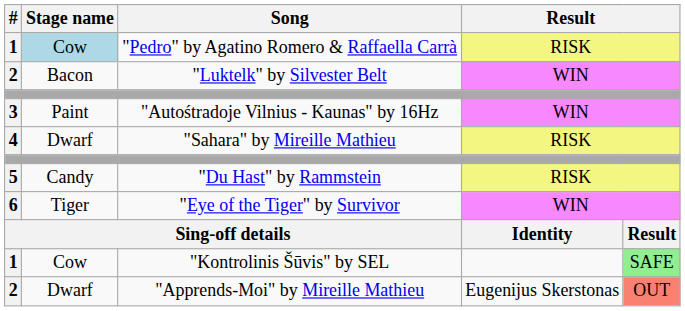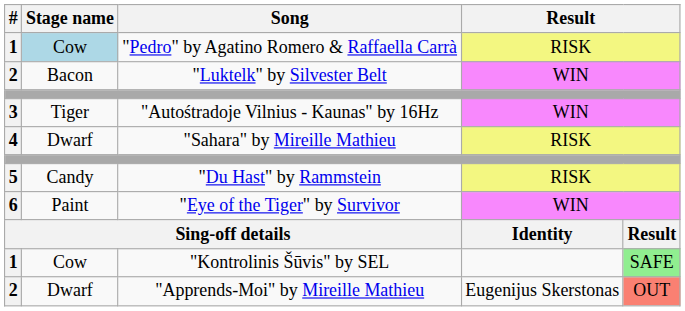 <table class="wikitable plainrowheaders" style="text-align: center">
 <tr>
 <th>#</th>
 <th>Stage name</th>
 <th>Song</th>
 <th colspan="2">Result</th>
 </tr>
 <tr>
 <th>1</th>
 <td style="background: lightblue;">Cow</td>
 <td>"<a href='#'>Pedro</a>" by Agatino Romero & <a href='#'>Raffaella Carrà</a></td>
 <td colspan="2" bgcolor="#F3F781">RISK</td>
 </tr>
 <tr>
 <th>2</th>
 <td>Bacon</td>
 <td>"<a href='#'>Luktelk</a>" by <a href='#'>Silvester Belt</a></td>
 <td colspan="2" bgcolor=#F888FD>WIN</td>
 </tr>
 <tr>
 <td colspan="5" style="background:darkgray"></td>
 </tr>
 <tr>
 <th>3</th>
-<td>Paint</td>
+<td>Tiger</td>
 <td>"Autośtradoje Vilnius - Kaunas" by 16Hz</td>
 <td colspan="2" bgcolor=#F888FD>WIN</td>
 </tr>
 <tr>
 <th>4</th>
 <td>Dwarf</td>
 <td>"Sahara" by <a href='#'>Mireille Mathieu</a></td>
 <td colspan="2" bgcolor="#F3F781">RISK</td>
 </tr>
 <tr>
 <td colspan="5" style="background:darkgray"></td>
 </tr>
 <tr>
 <th>5</th>
 <td>Candy</td>
 <td>"<a href='#'>Du Hast</a>" by <a href='#'>Rammstein</a></td>
 <td colspan="2" bgcolor="#F3F781">RISK</td>
 </tr>
 <tr>
 <th>6</th>
-<td>Tiger</td>
+<td>Paint</td>
 <td>"<a href='#'>Eye of the Tiger</a>" by <a href='#'>Survivor</a></td>
 <td colspan="2" bgcolor=#F888FD>WIN</td>
 </tr>
 <tr>
 <th colspan="3">Sing-off details</th>
 <th>Identity</th>
 <th>Result</th>
 </tr>
 <tr>
 <th>1</th>
 <td>Cow</td>
 <td>"Kontrolinis Šūvis" by SEL</td>
 <td></td>
 <td bgcolor="lightgreen">SAFE</td>
 </tr>
 <tr>
 <th>2</th>
 <td>Dwarf</td>
 <td>"Apprends-Moi" by <a href='#'>Mireille Mathieu</a></td>
 <td>Eugenijus Skerstonas</td>
 <td bgcolor="salmon">OUT</td>
 </tr>
 </table>
